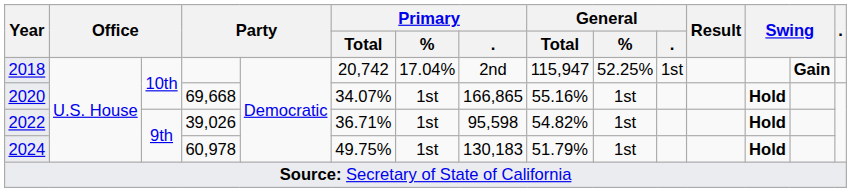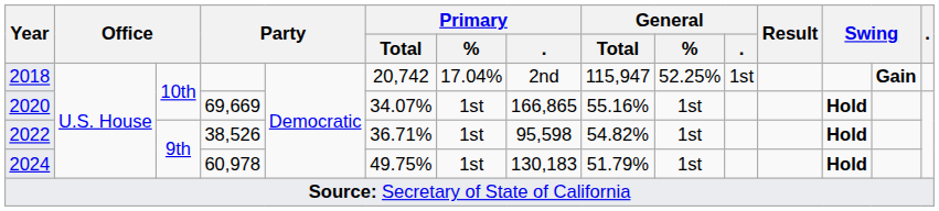 <table class="wikitable" style="font-size: 90%; text-align:center;">
 <tr>
 <th rowspan="2">Year</th>
 <th colspan="2" rowspan="2">Office</th>
 <th colspan="2" rowspan="2">Party</th>
 <th colspan="3"><a href='#'>Primary</a></th>
 <th colspan="3">General</th>
 <th rowspan="2">Result</th>
 <th colspan="2" rowspan="2"><a href='#'>Swing</a></th>
 <th rowspan="2">.</th>
 </tr>
 <tr>
 <th>Total</th>
 <th>%</th>
 <th>.</th>
 <th>Total</th>
 <th>%</th>
 <th>.</th>
 </tr>
 <tr>
 <td style="background-color:#EAECF0;"><a href='#'>2018</a></td>
 <td rowspan="4"><a href='#'>U.S. House</a></td>
 <td rowspan="2"><a href='#'>10th</a></td>
 <td style="background-color:"></td>
 <td rowspan="4"><a href='#'>Democratic</a></td>
 <td>20,742</td>
 <td>17.04%</td>
 <td>2nd</td>
 <td>115,947</td>
 <td>52.25%</td>
 <td>1st</td>
 <td></td>
 <td style="background-color:"></td>
 <td><strong>Gain</strong></td>
 <td></td>
 </tr>
 <tr>
 <td style="background-color:#EAECF0;"><a href='#'>2020</a></td>
-<td>69,668</td>
+<td>69,669</td>
 <td>34.07%</td>
 <td>1st</td>
 <td>166,865</td>
 <td>55.16%</td>
 <td>1st</td>
 <td></td>
 <td style="background-color:"></td>
 <td><strong>Hold</strong></td>
 <td></td>
 </tr>
 <tr>
 <td style="background-color:#EAECF0;"><a href='#'>2022</a></td>
 <td rowspan="2"><a href='#'>9th</a></td>
-<td>39,026</td>
+<td>38,526</td>
 <td>36.71%</td>
 <td>1st</td>
 <td>95,598</td>
 <td>54.82%</td>
 <td>1st</td>
 <td></td>
 <td style="background-color:"></td>
 <td><strong>Hold</strong></td>
 <td></td>
 </tr>
 <tr>
 <td style="background-color:#EAECF0;"><a href='#'>2024</a></td>
 <td>60,978</td>
 <td>49.75%</td>
 <td>1st</td>
 <td>130,183</td>
 <td>51.79%</td>
 <td>1st</td>
 <td></td>
 <td style="background-color:"></td>
 <td><strong>Hold</strong></td>
 <td></td>
 </tr>
 <tr>
 <td colspan="15" style="background-color:#EAECF0;"><strong>Source:</strong> <a href='#'>Secretary of State of California</a>  </td>
 </tr>
 </table>
